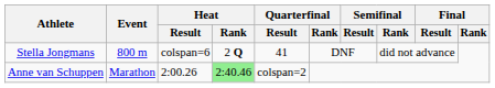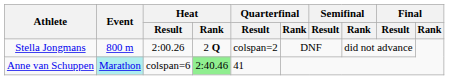 <table class="wikitable" style="font-size:90%">
 <tr>
 <th rowspan="2">Athlete</th>
 <th rowspan="2">Event</th>
 <th colspan="2">Heat</th>
 <th colspan="2">Quarterfinal</th>
 <th colspan="2">Semifinal</th>
 <th colspan="2">Final</th>
 </tr>
 <tr style="font-size:95%">
 <th>Result</th>
 <th>Rank</th>
 <th>Result</th>
 <th>Rank</th>
 <th>Result</th>
 <th>Rank</th>
 <th>Result</th>
 <th>Rank</th>
 </tr>
 <tr align=center>
 <td><a href='#'>Stella Jongmans</a></td>
 <td><a href='#'>800 m</a></td>
-<td>colspan=6 </td>
+<td>2:00.26</td>
 <td>2 <strong>Q</strong></td>
-<td>41</td>
+<td>colspan=2 </td>
 <td colspan=2>DNF</td>
 <td colspan=2>did not advance</td>
 </tr>
 <tr>
 <td><a href='#'>Anne van Schuppen</a></td>
-<td><a href='#'>Marathon</a></td>
-<td>2:00.26</td>
+<td style="background: paleturquoise;"><a href='#'>Marathon</a></td>
+<td>colspan=6 </td>
 <td style="background: lightgreen;">2:40.46</td>
-<td>colspan=2 </td>
+<td>41</td>
 </tr>
 </table>
